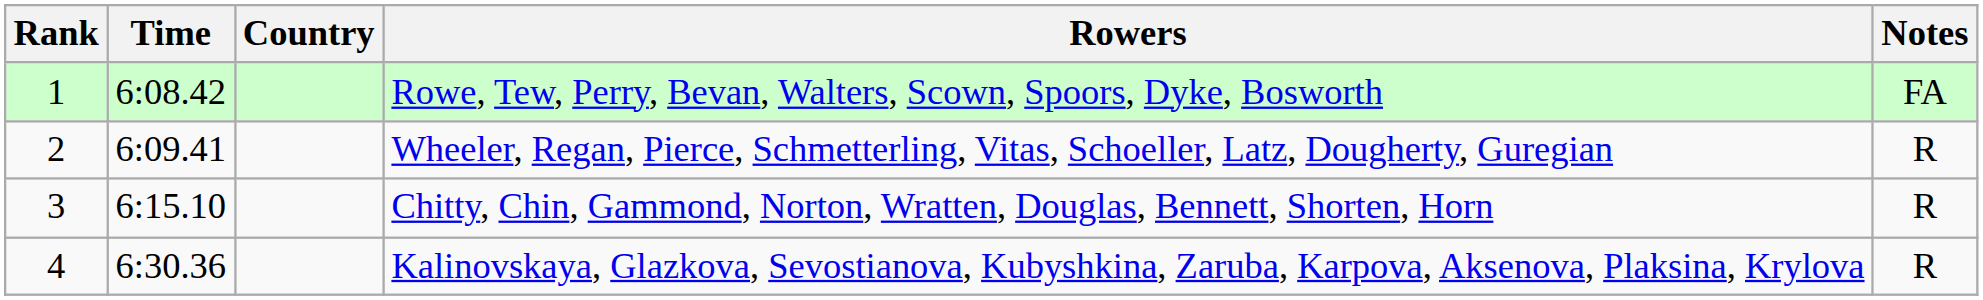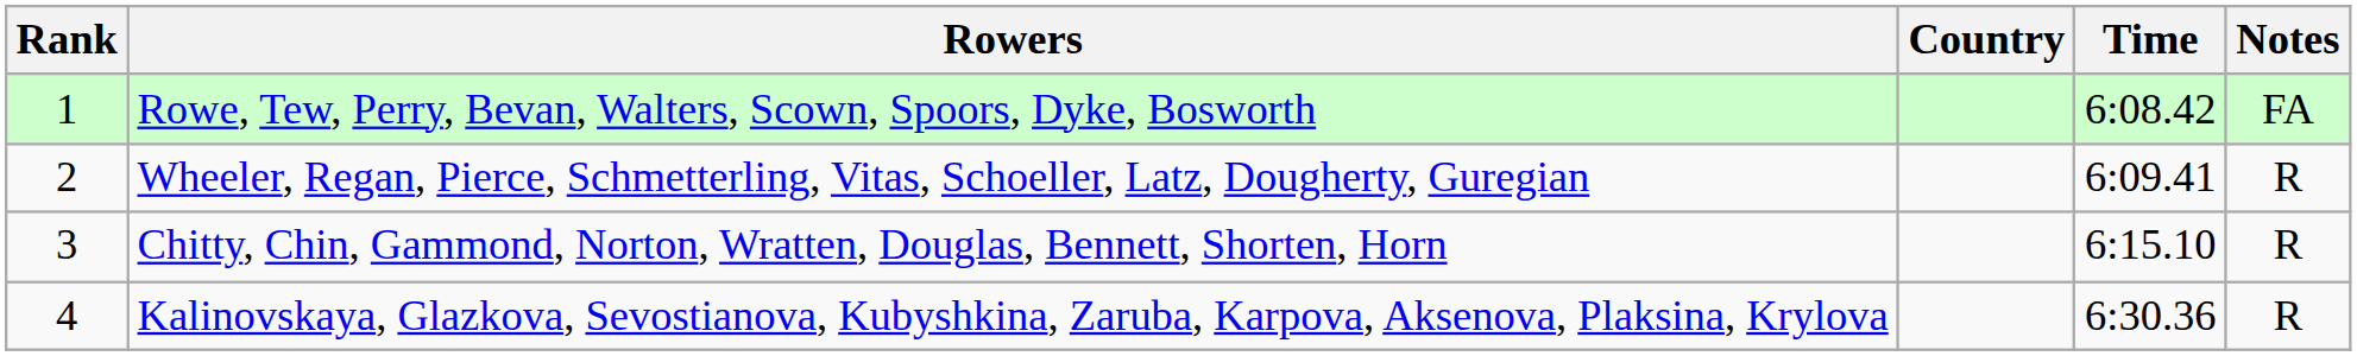 <table class="wikitable" style="text-align:center">
 <tr>
 <th>Rank</th>
+<th>Rowers</th>
+<th>Country</th>
 <th>Time</th>
-<th>Country</th>
-<th>Rowers</th>
 <th>Notes</th>
 </tr>
 <tr bgcolor=ccffcc>
 <td>1</td>
+<td align="left"><a href='#'>Rowe</a>, <a href='#'>Tew</a>, <a href='#'>Perry</a>, <a href='#'>Bevan</a>, <a href='#'>Walters</a>, <a href='#'>Scown</a>, <a href='#'>Spoors</a>, <a href='#'>Dyke</a>, <a href='#'>Bosworth</a></td>
+<td align="left"></td>
 <td>6:08.42</td>
-<td align="left"></td>
-<td align="left"><a href='#'>Rowe</a>, <a href='#'>Tew</a>, <a href='#'>Perry</a>, <a href='#'>Bevan</a>, <a href='#'>Walters</a>, <a href='#'>Scown</a>, <a href='#'>Spoors</a>, <a href='#'>Dyke</a>, <a href='#'>Bosworth</a></td>
 <td>FA</td>
 </tr>
 <tr>
 <td>2</td>
+<td align="left"><a href='#'>Wheeler</a>, <a href='#'>Regan</a>, <a href='#'>Pierce</a>, <a href='#'>Schmetterling</a>, <a href='#'>Vitas</a>, <a href='#'>Schoeller</a>, <a href='#'>Latz</a>, <a href='#'>Dougherty</a>, <a href='#'>Guregian</a></td>
+<td align="left"></td>
 <td>6:09.41</td>
-<td align="left"></td>
-<td align="left"><a href='#'>Wheeler</a>, <a href='#'>Regan</a>, <a href='#'>Pierce</a>, <a href='#'>Schmetterling</a>, <a href='#'>Vitas</a>, <a href='#'>Schoeller</a>, <a href='#'>Latz</a>, <a href='#'>Dougherty</a>, <a href='#'>Guregian</a></td>
 <td>R</td>
 </tr>
 <tr>
 <td>3</td>
+<td align="left"><a href='#'>Chitty</a>, <a href='#'>Chin</a>, <a href='#'>Gammond</a>, <a href='#'>Norton</a>, <a href='#'>Wratten</a>, <a href='#'>Douglas</a>, <a href='#'>Bennett</a>, <a href='#'>Shorten</a>, <a href='#'>Horn</a></td>
+<td align="left"></td>
 <td>6:15.10</td>
-<td align="left"></td>
-<td align="left"><a href='#'>Chitty</a>, <a href='#'>Chin</a>, <a href='#'>Gammond</a>, <a href='#'>Norton</a>, <a href='#'>Wratten</a>, <a href='#'>Douglas</a>, <a href='#'>Bennett</a>, <a href='#'>Shorten</a>, <a href='#'>Horn</a></td>
 <td>R</td>
 </tr>
 <tr>
 <td>4</td>
+<td align="left"><a href='#'>Kalinovskaya</a>, <a href='#'>Glazkova</a>, <a href='#'>Sevostianova</a>, <a href='#'>Kubyshkina</a>, <a href='#'>Zaruba</a>, <a href='#'>Karpova</a>, <a href='#'>Aksenova</a>, <a href='#'>Plaksina</a>, <a href='#'>Krylova</a></td>
+<td align="left"></td>
 <td>6:30.36</td>
-<td align="left"></td>
-<td align="left"><a href='#'>Kalinovskaya</a>, <a href='#'>Glazkova</a>, <a href='#'>Sevostianova</a>, <a href='#'>Kubyshkina</a>, <a href='#'>Zaruba</a>, <a href='#'>Karpova</a>, <a href='#'>Aksenova</a>, <a href='#'>Plaksina</a>, <a href='#'>Krylova</a></td>
 <td>R</td>
 </tr>
 </table>
